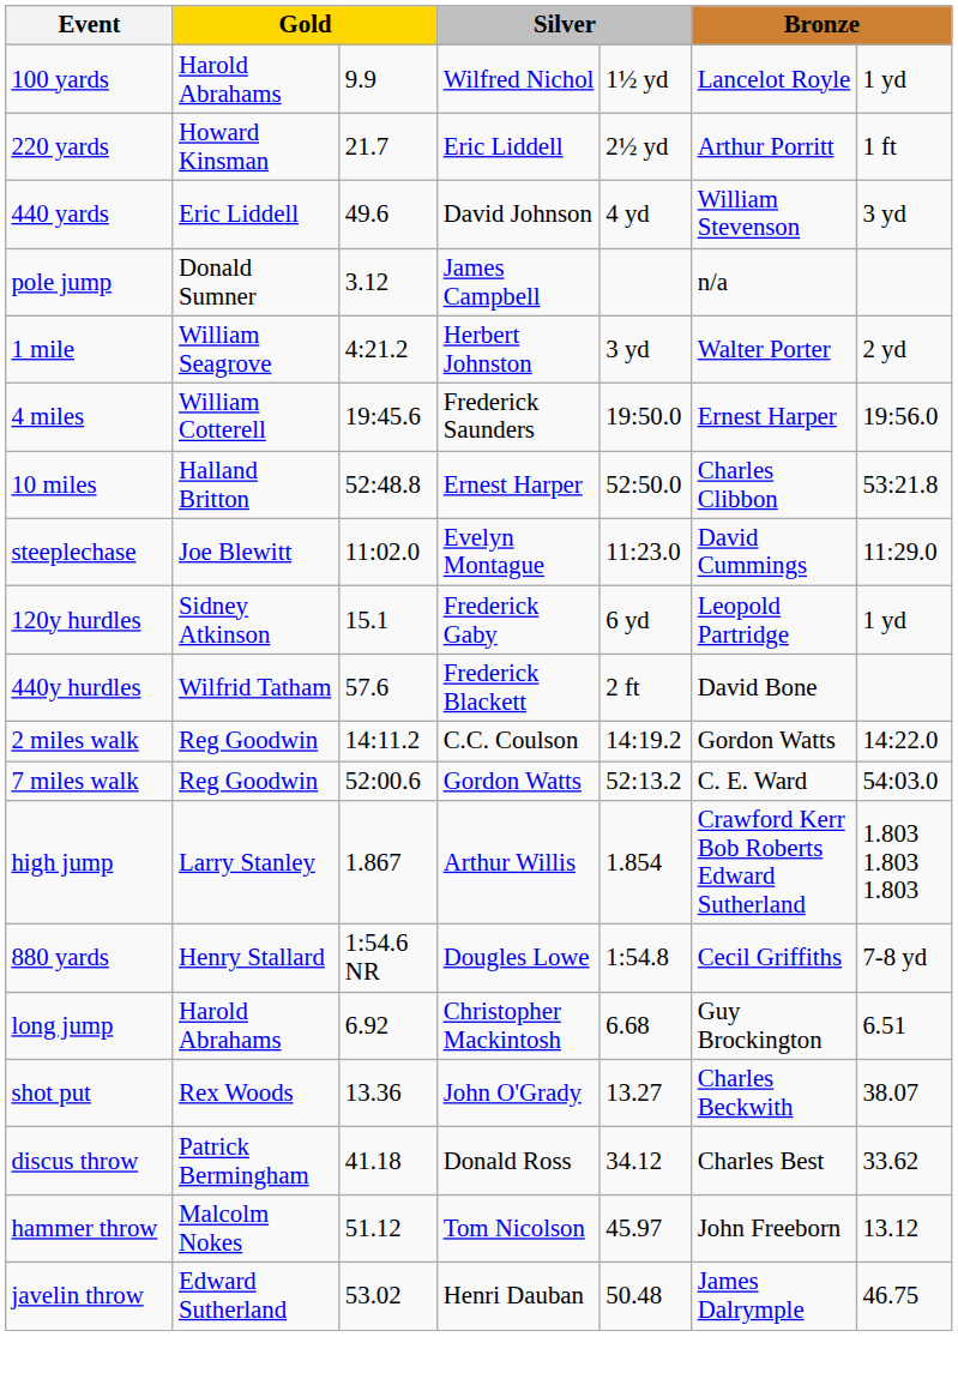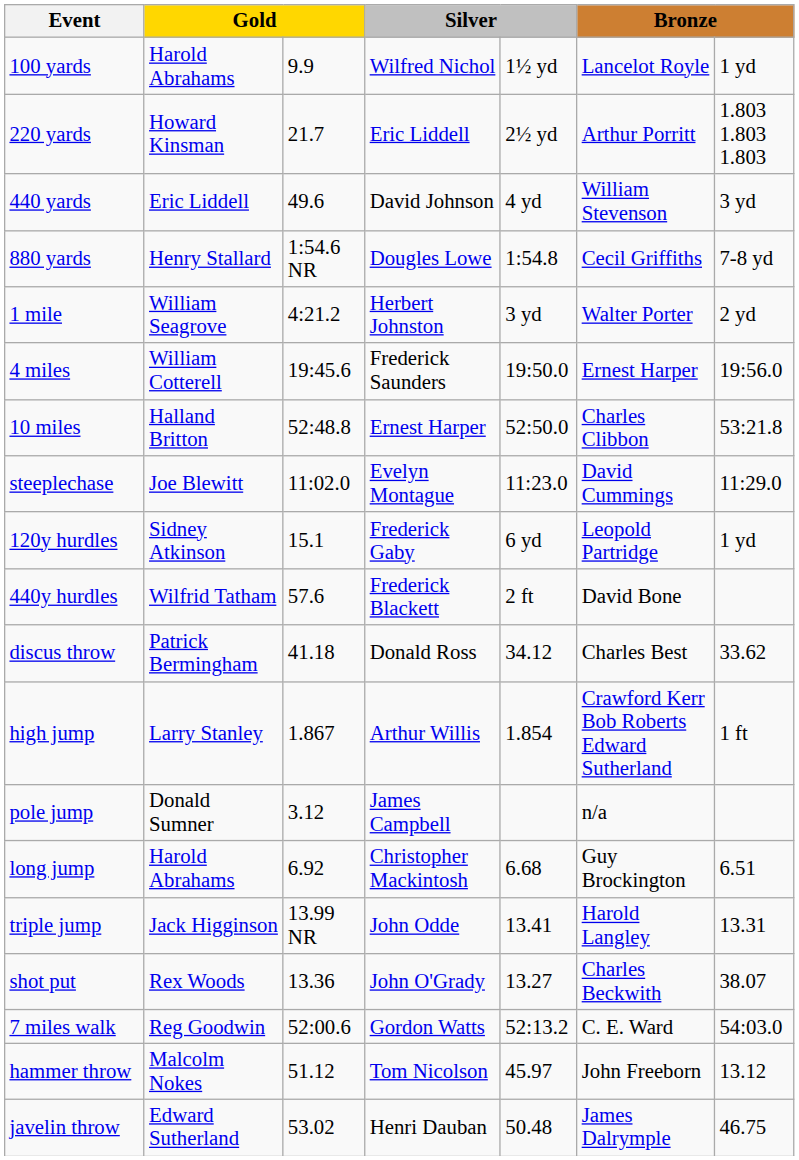 <table class="wikitable" style="text-align:left">
 <tr>
 <th width=100>Event</th>
 <th colspan="2" width="280" style="background:gold;">Gold</th>
 <th colspan="2" width="280" style="background:silver;">Silver</th>
 <th colspan="2" width="280" style="background:#CD7F32;">Bronze</th>
 </tr>
 <tr>
 <td><a href='#'>100 yards</a></td>
 <td><a href='#'>Harold Abrahams</a></td>
 <td>9.9</td>
 <td><a href='#'>Wilfred Nichol</a></td>
 <td>1½ yd</td>
 <td><a href='#'>Lancelot Royle</a></td>
 <td>1 yd</td>
 </tr>
 <tr>
 <td><a href='#'>220 yards</a></td>
 <td> <a href='#'>Howard Kinsman</a></td>
 <td>21.7</td>
 <td> <a href='#'>Eric Liddell</a></td>
 <td>2½ yd</td>
 <td> <a href='#'>Arthur Porritt</a></td>
-<td>1 ft</td>
+<td>1.803<br>1.803<br>1.803</td>
 </tr>
 <tr>
 <td><a href='#'>440 yards</a></td>
 <td> <a href='#'>Eric Liddell</a></td>
 <td>49.6</td>
 <td> David Johnson</td>
 <td>4 yd</td>
 <td> <a href='#'>William Stevenson</a></td>
 <td>3 yd</td>
 </tr>
 <tr>
-<td><a href='#'>pole jump</a></td>
-<td> Donald Sumner</td>
-<td>3.12</td>
-<td><a href='#'>James Campbell</a></td>
-<td></td>
-<td>n/a</td>
-<td></td>
+<td><a href='#'>880 yards</a></td>
+<td><a href='#'>Henry Stallard</a></td>
+<td>1:54.6 NR</td>
+<td><a href='#'>Dougles Lowe</a></td>
+<td>1:54.8</td>
+<td> <a href='#'>Cecil Griffiths</a></td>
+<td>7-8 yd</td>
 </tr>
 <tr>
 <td><a href='#'>1 mile</a></td>
 <td><a href='#'>William Seagrove</a></td>
 <td>4:21.2</td>
 <td><a href='#'>Herbert Johnston</a></td>
 <td>3 yd</td>
 <td><a href='#'>Walter Porter</a></td>
 <td>2 yd</td>
 </tr>
 <tr>
 <td><a href='#'>4 miles</a></td>
 <td><a href='#'>William Cotterell</a></td>
 <td>19:45.6</td>
 <td>Frederick Saunders</td>
 <td>19:50.0</td>
 <td><a href='#'>Ernest Harper</a></td>
 <td>19:56.0</td>
 </tr>
 <tr>
 <td><a href='#'>10 miles</a></td>
 <td><a href='#'>Halland Britton</a></td>
 <td>52:48.8</td>
 <td><a href='#'>Ernest Harper</a></td>
 <td>52:50.0</td>
 <td><a href='#'>Charles Clibbon</a></td>
 <td>53:21.8</td>
 </tr>
 <tr>
 <td><a href='#'>steeplechase</a></td>
 <td><a href='#'>Joe Blewitt</a></td>
 <td>11:02.0</td>
 <td><a href='#'>Evelyn Montague</a></td>
 <td>11:23.0</td>
 <td> <a href='#'>David Cummings</a></td>
 <td>11:29.0</td>
 </tr>
 <tr>
 <td><a href='#'>120y hurdles</a></td>
 <td> <a href='#'>Sidney Atkinson</a></td>
 <td>15.1</td>
 <td><a href='#'>Frederick Gaby</a></td>
 <td>6 yd</td>
 <td><a href='#'>Leopold Partridge</a></td>
 <td>1 yd</td>
 </tr>
 <tr>
 <td><a href='#'>440y hurdles</a></td>
 <td><a href='#'>Wilfrid Tatham</a></td>
 <td>57.6</td>
 <td><a href='#'>Frederick Blackett</a></td>
 <td>2 ft</td>
 <td>David Bone</td>
 <td></td>
 </tr>
 <tr>
-<td><a href='#'>2 miles walk</a></td>
-<td><a href='#'>Reg Goodwin</a></td>
-<td>14:11.2</td>
-<td>C.C. Coulson</td>
-<td>14:19.2</td>
-<td>Gordon Watts</td>
-<td>14:22.0</td>
-</tr>
-<tr>
-<td><a href='#'>7 miles walk</a></td>
-<td><a href='#'>Reg Goodwin</a></td>
-<td>52:00.6</td>
-<td><a href='#'>Gordon Watts</a></td>
-<td>52:13.2</td>
-<td>C. E. Ward</td>
-<td>54:03.0</td>
+<td><a href='#'>discus throw</a></td>
+<td> <a href='#'>Patrick Bermingham</a></td>
+<td>41.18</td>
+<td> Donald Ross</td>
+<td>34.12</td>
+<td>Charles Best</td>
+<td>33.62</td>
 </tr>
 <tr>
 <td><a href='#'>high jump</a></td>
 <td> <a href='#'>Larry Stanley</a></td>
 <td>1.867</td>
 <td><a href='#'>Arthur Willis</a></td>
 <td>1.854</td>
 <td> <a href='#'>Crawford Kerr</a><br> <a href='#'>Bob Roberts</a> <br> <a href='#'>Edward Sutherland</a></td>
-<td>1.803<br>1.803<br>1.803</td>
+<td>1 ft</td>
 </tr>
 <tr>
-<td><a href='#'>880 yards</a></td>
-<td><a href='#'>Henry Stallard</a></td>
-<td>1:54.6 NR</td>
-<td><a href='#'>Dougles Lowe</a></td>
-<td>1:54.8</td>
-<td> <a href='#'>Cecil Griffiths</a></td>
-<td>7-8 yd</td>
+<td><a href='#'>pole jump</a></td>
+<td> Donald Sumner</td>
+<td>3.12</td>
+<td><a href='#'>James Campbell</a></td>
+<td></td>
+<td>n/a</td>
+<td></td>
 </tr>
 <tr>
 <td><a href='#'>long jump</a></td>
 <td><a href='#'>Harold Abrahams</a></td>
 <td>6.92</td>
 <td> <a href='#'>Christopher Mackintosh</a></td>
 <td>6.68</td>
 <td>Guy Brockington</td>
 <td>6.51</td>
 </tr>
 <tr>
+<td><a href='#'>triple jump</a></td>
+<td><a href='#'>Jack Higginson</a></td>
+<td>13.99 NR</td>
+<td><a href='#'>John Odde</a></td>
+<td>13.41</td>
+<td><a href='#'>Harold Langley</a></td>
+<td>13.31</td>
+</tr>
+<tr>
 <td><a href='#'>shot put</a></td>
 <td><a href='#'>Rex Woods</a></td>
 <td>13.36</td>
 <td> <a href='#'>John O'Grady</a></td>
 <td>13.27</td>
 <td><a href='#'>Charles Beckwith</a></td>
 <td>38.07</td>
 </tr>
 <tr>
-<td><a href='#'>discus throw</a></td>
-<td> <a href='#'>Patrick Bermingham</a></td>
-<td>41.18</td>
-<td> Donald Ross</td>
-<td>34.12</td>
-<td>Charles Best</td>
-<td>33.62</td>
+<td><a href='#'>7 miles walk</a></td>
+<td><a href='#'>Reg Goodwin</a></td>
+<td>52:00.6</td>
+<td><a href='#'>Gordon Watts</a></td>
+<td>52:13.2</td>
+<td>C. E. Ward</td>
+<td>54:03.0</td>
 </tr>
 <tr>
 <td><a href='#'>hammer throw</a></td>
 <td><a href='#'>Malcolm Nokes</a></td>
 <td>51.12</td>
 <td> <a href='#'>Tom Nicolson</a></td>
 <td>45.97</td>
 <td>John Freeborn</td>
 <td>13.12</td>
 </tr>
 <tr>
 <td><a href='#'>javelin throw</a></td>
 <td> <a href='#'>Edward Sutherland</a></td>
 <td>53.02</td>
 <td> Henri Dauban</td>
 <td>50.48</td>
 <td> <a href='#'>James Dalrymple</a></td>
 <td>46.75</td>
 </tr>
 </table>
